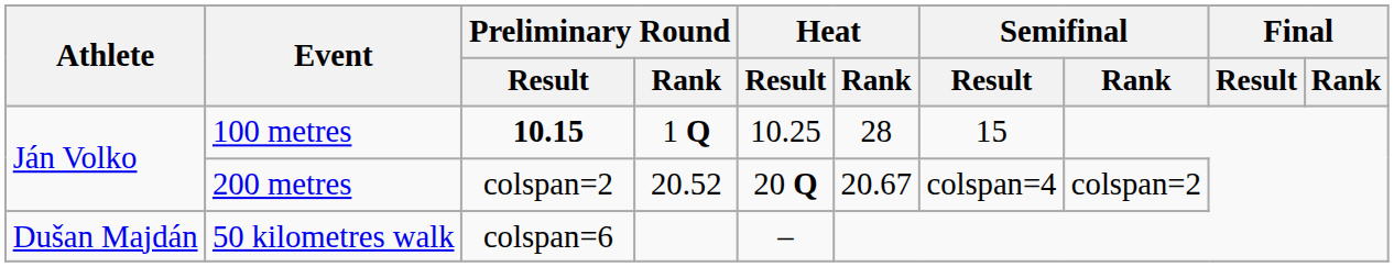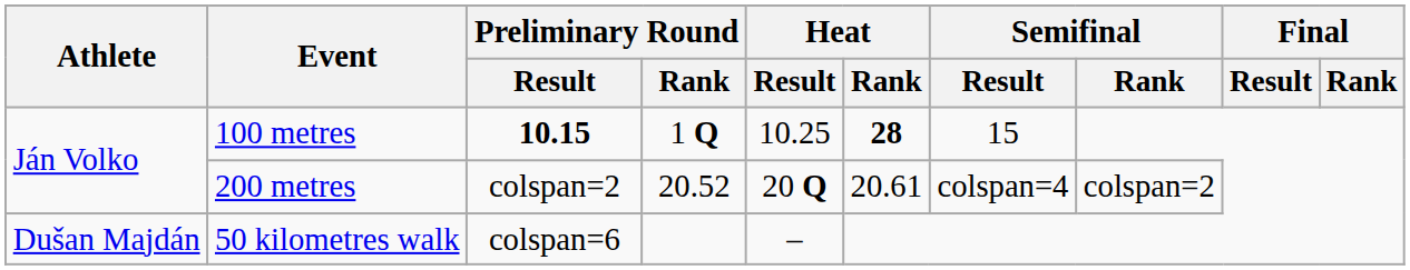 <table class="wikitable" style="font-size:90%">
 <tr>
 <th rowspan="2">Athlete</th>
 <th rowspan="2">Event</th>
 <th colspan="2">Preliminary Round</th>
 <th colspan="2">Heat</th>
 <th colspan="2">Semifinal</th>
 <th colspan="2">Final</th>
 </tr>
 <tr style="font-size:95%">
 <th>Result</th>
 <th>Rank</th>
 <th>Result</th>
 <th>Rank</th>
 <th>Result</th>
 <th>Rank</th>
 <th>Result</th>
 <th>Rank</th>
 </tr>
 <tr style=text-align:center>
 <td style=text-align:left rowspan=2><a href='#'>Ján Volko</a></td>
 <td style=text-align:left><a href='#'>100 metres</a></td>
 <td><strong>10.15 </strong></td>
 <td>1 <strong>Q</strong></td>
 <td>10.25</td>
-<td>28</td>
+<td><strong>28</strong></td>
 <td>15</td>
 </tr>
 <tr style=text-align:center>
 <td style=text-align:left><a href='#'>200 metres</a></td>
 <td>colspan=2 </td>
 <td>20.52</td>
 <td>20 <strong>Q</strong></td>
-<td>20.67</td>
+<td>20.61</td>
 <td>colspan=4 </td>
 <td>colspan=2 </td>
 </tr>
 <tr style=text-align:center>
 <td style=text-align:left><a href='#'>Dušan Majdán</a></td>
 <td style=text-align:left><a href='#'>50 kilometres walk</a></td>
 <td>colspan=6 </td>
 <td></td>
 <td>–</td>
 </tr>
 </table>
